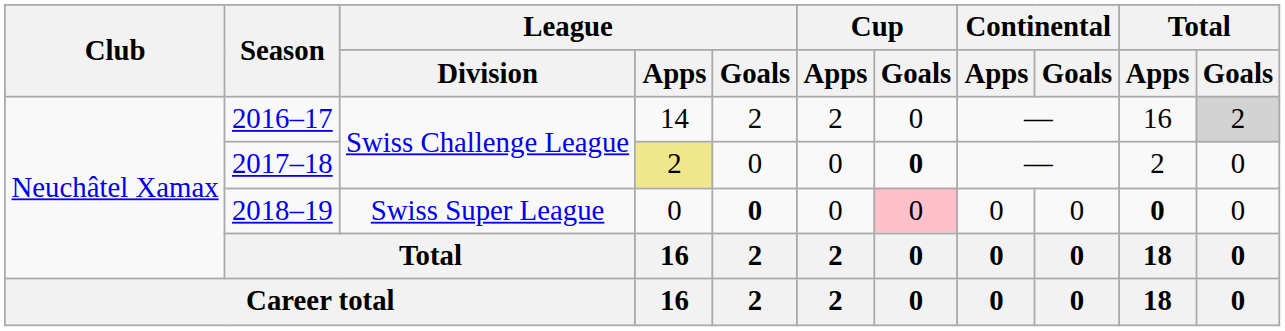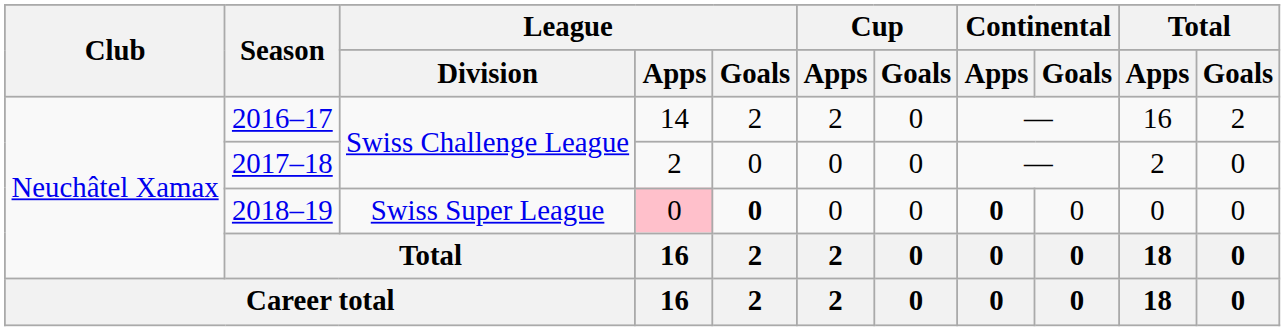 <table class="wikitable" style="text-align:center">
 <tr>
 <th rowspan="2">Club</th>
 <th rowspan="2">Season</th>
 <th colspan="3">League</th>
 <th colspan="2">Cup</th>
 <th colspan="2">Continental</th>
 <th colspan="2">Total</th>
 </tr>
 <tr>
 <th>Division</th>
 <th>Apps</th>
 <th>Goals</th>
 <th>Apps</th>
 <th>Goals</th>
 <th>Apps</th>
 <th>Goals</th>
 <th>Apps</th>
 <th>Goals</th>
 </tr>
 <tr>
 <td rowspan="4" valign="center"><a href='#'>Neuchâtel Xamax</a></td>
 <td><a href='#'>2016–17</a></td>
 <td rowspan="2"><a href='#'>Swiss Challenge League</a></td>
 <td>14</td>
 <td>2</td>
 <td>2</td>
 <td>0</td>
 <td colspan="2">—</td>
 <td>16</td>
-<td style="background: lightgrey;">2</td>
+<td>2</td>
 </tr>
 <tr>
 <td><a href='#'>2017–18</a></td>
-<td style="background: khaki;">2</td>
+<td>2</td>
 <td>0</td>
 <td>0</td>
-<td><strong>0</strong></td>
+<td>0</td>
 <td colspan="2">—</td>
 <td>2</td>
 <td>0</td>
 </tr>
 <tr>
 <td><a href='#'>2018–19</a></td>
 <td><a href='#'>Swiss Super League</a></td>
+<td style="background: pink;">0</td>
+<td><strong>0</strong></td>
+<td>0</td>
 <td>0</td>
 <td><strong>0</strong></td>
 <td>0</td>
-<td style="background: pink;">0</td>
 <td>0</td>
-<td>0</td>
-<td><strong>0</strong></td>
 <td>0</td>
 </tr>
 <tr>
 <th colspan="2">Total</th>
 <th>16</th>
 <th>2</th>
 <th>2</th>
 <th>0</th>
 <th>0</th>
 <th>0</th>
 <th>18</th>
 <th>0</th>
 </tr>
 <tr>
 <th colspan="3">Career total</th>
 <th>16</th>
 <th>2</th>
 <th>2</th>
 <th>0</th>
 <th>0</th>
 <th>0</th>
 <th>18</th>
 <th>0</th>
 </tr>
 </table>
